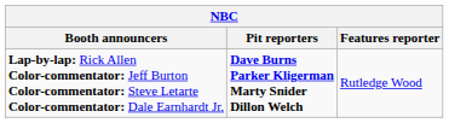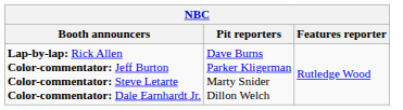 <table class="wikitable" style="font-size: 95%">
 <tr>
 <th colspan="3"><a href='#'>NBC</a></th>
 </tr>
 <tr>
 <th>Booth announcers</th>
 <th>Pit reporters</th>
 <th>Features reporter</th>
 </tr>
 <tr>
 <td><strong>Lap-by-lap:</strong> <a href='#'>Rick Allen</a><br><strong>Color-commentator:</strong> <a href='#'>Jeff Burton</a><br><strong>Color-commentator:</strong> <a href='#'>Steve Letarte</a><br><strong>Color-commentator:</strong> <a href='#'>Dale Earnhardt Jr.</a></td>
-<td><strong><a href='#'>Dave Burns</a><br><a href='#'>Parker Kligerman</a><br>Marty Snider<br>Dillon Welch</strong></td>
+<td><a href='#'>Dave Burns</a><br><a href='#'>Parker Kligerman</a><br>Marty Snider<br>Dillon Welch</td>
 <td><a href='#'>Rutledge Wood</a></td>
 </tr>
 </table>
